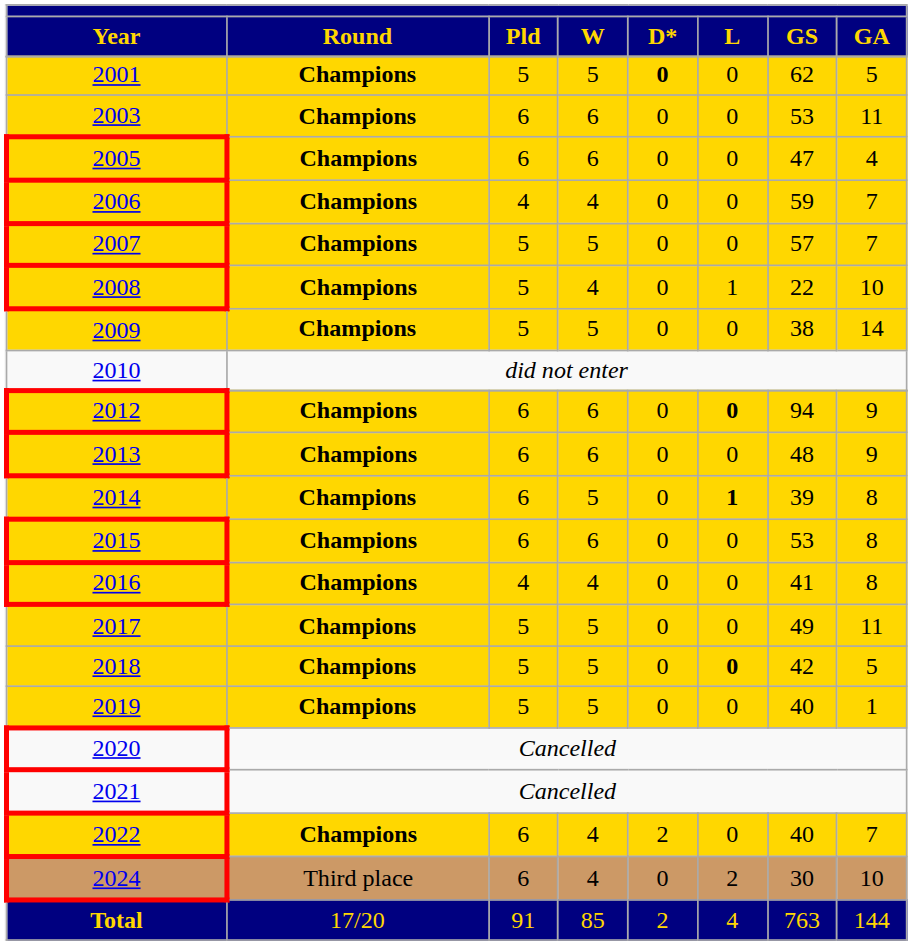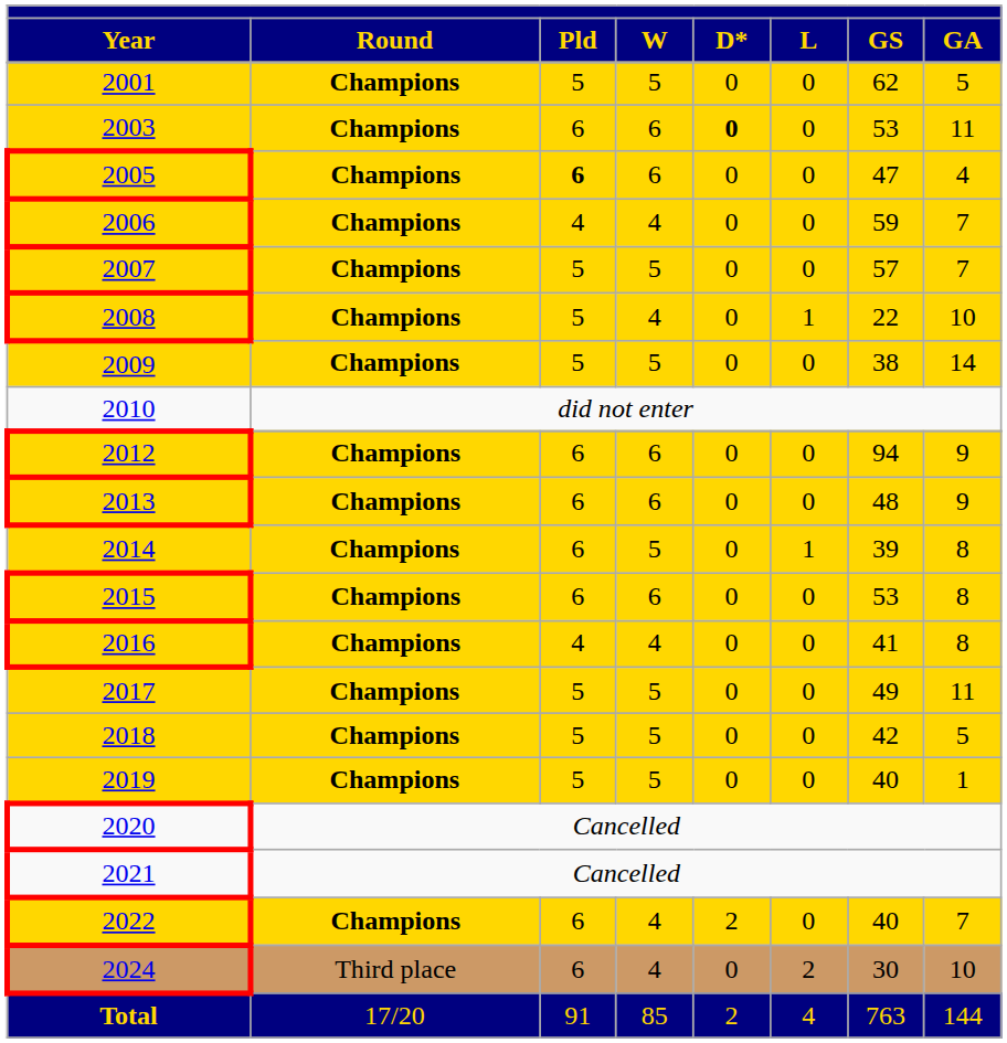 <table class="wikitable" style="text-align: center;font-size:90%;">
 <tr>
 <th style="background:#000080;" colspan=8></th>
 </tr>
 <tr style="color:gold;">
 <th style="background:#000080;" width=125>Year</th>
 <th style="background:#000080;" width=150>Round</th>
 <th style="background:#000080;" width=35>Pld</th>
 <th style="background:#000080;" width=35>W</th>
 <th style="background:#000080;" width=35>D*</th>
 <th style="background:#000080;" width=35>L</th>
 <th style="background:#000080;" width=35>GS</th>
 <th style="background:#000080;" width=35>GA</th>
 </tr>
 <tr>
 </tr>
 <tr bgcolor=gold>
 <td> <a href='#'>2001</a></td>
 <td><strong>Champions</strong></td>
 <td>5</td>
 <td>5</td>
-<td><strong>0</strong></td>
+<td>0</td>
 <td>0</td>
 <td>62</td>
 <td>5</td>
 </tr>
 <tr bgcolor=gold>
 <td> <a href='#'>2003</a></td>
 <td><strong>Champions</strong></td>
 <td>6</td>
 <td>6</td>
-<td>0</td>
+<td><strong>0</strong></td>
 <td>0</td>
 <td>53</td>
 <td>11</td>
 </tr>
 <tr bgcolor=gold>
 <td style="border: 3px solid red"> <a href='#'>2005</a></td>
 <td><strong>Champions</strong></td>
-<td>6</td>
+<td><strong>6</strong></td>
 <td>6</td>
 <td>0</td>
 <td>0</td>
 <td>47</td>
 <td>4</td>
 </tr>
 <tr bgcolor=gold>
 <td style="border: 3px solid red"> <a href='#'>2006</a></td>
 <td><strong>Champions</strong></td>
 <td>4</td>
 <td>4</td>
 <td>0</td>
 <td>0</td>
 <td>59</td>
 <td>7</td>
 </tr>
 <tr bgcolor=gold>
 <td style="border: 3px solid red"> <a href='#'>2007</a></td>
 <td><strong>Champions</strong></td>
 <td>5</td>
 <td>5</td>
 <td>0</td>
 <td>0</td>
 <td>57</td>
 <td>7</td>
 </tr>
 <tr bgcolor=gold>
 <td style="border: 3px solid red"> <a href='#'>2008</a></td>
 <td><strong>Champions</strong></td>
 <td>5</td>
 <td>4</td>
 <td>0</td>
 <td>1</td>
 <td>22</td>
 <td>10</td>
 </tr>
 <tr bgcolor=gold>
 <td> <a href='#'>2009</a></td>
 <td><strong>Champions</strong></td>
 <td>5</td>
 <td>5</td>
 <td>0</td>
 <td>0</td>
 <td>38</td>
 <td>14</td>
 </tr>
 <tr>
 <td> <a href='#'>2010</a></td>
 <td colspan=7><em>did not enter</em></td>
 </tr>
 <tr>
 </tr>
 <tr bgcolor=gold>
 <td style="border: 3px solid red"> <a href='#'>2012</a></td>
 <td><strong>Champions</strong></td>
 <td>6</td>
 <td>6</td>
 <td>0</td>
-<td><strong>0</strong></td>
+<td>0</td>
 <td>94</td>
 <td>9</td>
 </tr>
 <tr bgcolor=gold>
 <td style="border: 3px solid red"> <a href='#'>2013</a></td>
 <td><strong>Champions</strong></td>
 <td>6</td>
 <td>6</td>
 <td>0</td>
 <td>0</td>
 <td>48</td>
 <td>9</td>
 </tr>
 <tr bgcolor=gold>
 <td> <a href='#'>2014</a></td>
 <td><strong>Champions</strong></td>
 <td>6</td>
 <td>5</td>
 <td>0</td>
-<td><strong>1</strong></td>
+<td>1</td>
 <td>39</td>
 <td>8</td>
 </tr>
 <tr bgcolor=gold>
 <td style="border: 3px solid red"> <a href='#'>2015</a></td>
 <td><strong>Champions</strong></td>
 <td>6</td>
 <td>6</td>
 <td>0</td>
 <td>0</td>
 <td>53</td>
 <td>8</td>
 </tr>
 <tr bgcolor=gold>
 <td style="border: 3px solid red"> <a href='#'>2016</a></td>
 <td><strong>Champions</strong></td>
 <td>4</td>
 <td>4</td>
 <td>0</td>
 <td>0</td>
 <td>41</td>
 <td>8</td>
 </tr>
 <tr bgcolor=gold>
 <td> <a href='#'>2017</a></td>
 <td><strong>Champions</strong></td>
 <td>5</td>
 <td>5</td>
 <td>0</td>
 <td>0</td>
 <td>49</td>
 <td>11</td>
 </tr>
 <tr bgcolor=gold>
 <td> <a href='#'>2018</a></td>
 <td><strong>Champions</strong></td>
 <td>5</td>
 <td>5</td>
 <td>0</td>
-<td><strong>0</strong></td>
+<td>0</td>
 <td>42</td>
 <td>5</td>
 </tr>
 <tr bgcolor=gold>
 <td> <a href='#'>2019</a></td>
 <td><strong>Champions</strong></td>
 <td>5</td>
 <td>5</td>
 <td>0</td>
 <td>0</td>
 <td>40</td>
 <td>1</td>
 </tr>
 <tr>
 <td style="border: 3px solid red"> <a href='#'>2020</a></td>
 <td colspan=7><em>Cancelled</em></td>
 </tr>
 <tr>
 <td style="border: 3px solid red"> <a href='#'>2021</a></td>
 <td colspan=7><em>Cancelled</em></td>
 </tr>
 <tr bgcolor=gold>
 <td style="border: 3px solid red"> <a href='#'>2022</a></td>
 <td><strong>Champions</strong></td>
 <td>6</td>
 <td>4</td>
 <td>2</td>
 <td>0</td>
 <td>40</td>
 <td>7</td>
 </tr>
 <tr bgcolor="#cc9966">
 <td style="border: 3px solid red"> <a href='#'>2024</a></td>
 <td>Third place</td>
 <td>6</td>
 <td>4</td>
 <td>0</td>
 <td>2</td>
 <td>30</td>
 <td>10</td>
 </tr>
 <tr bgcolor="#000080" style="color:gold;">
 <td><strong>Total</strong></td>
 <td>17/20</td>
 <td>91</td>
 <td>85</td>
 <td>2</td>
 <td>4</td>
 <td>763</td>
 <td>144</td>
 </tr>
 </table>
